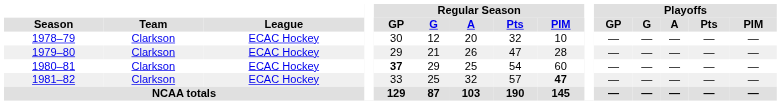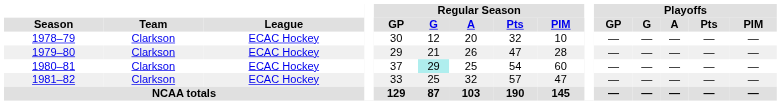 <table border="0" cellpadding="1" cellspacing="0" style="text-align:center; width:70em">
 <tr bgcolor="#e0e0e0">
 <th colspan="3"  bgcolor="#ffffff"> </th>
 <th rowspan="99" bgcolor="#ffffff"> </th>
 <th colspan="5">Regular Season</th>
 <th rowspan="99" bgcolor="#ffffff"> </th>
 <th colspan="5">Playoffs</th>
 </tr>
 <tr bgcolor="#e0e0e0">
 <th>Season</th>
 <th>Team</th>
 <th>League</th>
 <th>GP</th>
 <th><a href='#'>G</a></th>
 <th><a href='#'>A</a></th>
 <th><a href='#'>Pts</a></th>
 <th><a href='#'>PIM</a></th>
 <th>GP</th>
 <th>G</th>
 <th>A</th>
 <th>Pts</th>
 <th>PIM</th>
 </tr>
 <tr>
 <td><a href='#'>1978–79</a></td>
 <td><a href='#'>Clarkson</a></td>
 <td><a href='#'>ECAC Hockey</a></td>
 <td>30</td>
 <td>12</td>
 <td>20</td>
 <td>32</td>
 <td>10</td>
 <td>—</td>
 <td>—</td>
 <td>—</td>
 <td>—</td>
 <td>—</td>
 </tr>
 <tr bgcolor="f0f0f0">
 <td><a href='#'>1979–80</a></td>
 <td><a href='#'>Clarkson</a></td>
 <td><a href='#'>ECAC Hockey</a></td>
 <td>29</td>
 <td>21</td>
 <td>26</td>
 <td>47</td>
 <td>28</td>
 <td>—</td>
 <td>—</td>
 <td>—</td>
 <td>—</td>
 <td>—</td>
 </tr>
 <tr>
 <td><a href='#'>1980–81</a></td>
 <td><a href='#'>Clarkson</a></td>
 <td><a href='#'>ECAC Hockey</a></td>
-<td><strong>37</strong></td>
-<td>29</td>
+<td>37</td>
+<td style="background: paleturquoise;">29</td>
 <td>25</td>
 <td>54</td>
 <td>60</td>
 <td>—</td>
 <td>—</td>
 <td>—</td>
 <td>—</td>
 <td>—</td>
 </tr>
 <tr bgcolor="f0f0f0">
 <td><a href='#'>1981–82</a></td>
 <td><a href='#'>Clarkson</a></td>
 <td><a href='#'>ECAC Hockey</a></td>
 <td>33</td>
 <td>25</td>
 <td>32</td>
 <td>57</td>
-<td><strong>47</strong></td>
+<td>47</td>
 <td>—</td>
 <td>—</td>
 <td>—</td>
 <td>—</td>
 <td>—</td>
 </tr>
 <tr bgcolor="#e0e0e0">
 <th colspan="3">NCAA totals</th>
 <th>129</th>
 <th>87</th>
 <th>103</th>
 <th>190</th>
 <th>145</th>
 <th>—</th>
 <th>—</th>
 <th>—</th>
 <th>—</th>
 <th>—</th>
 </tr>
 </table>
